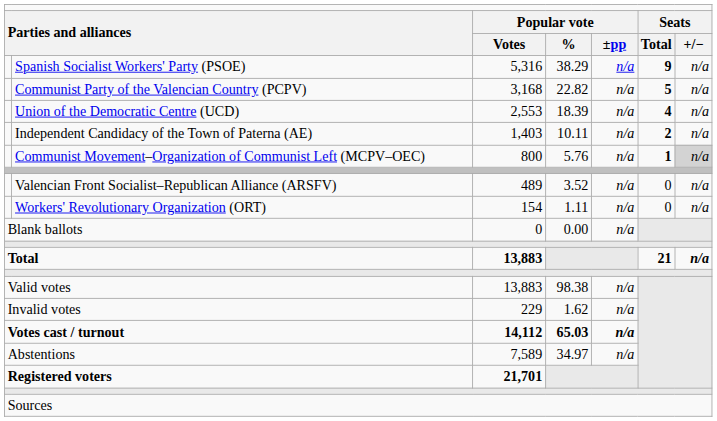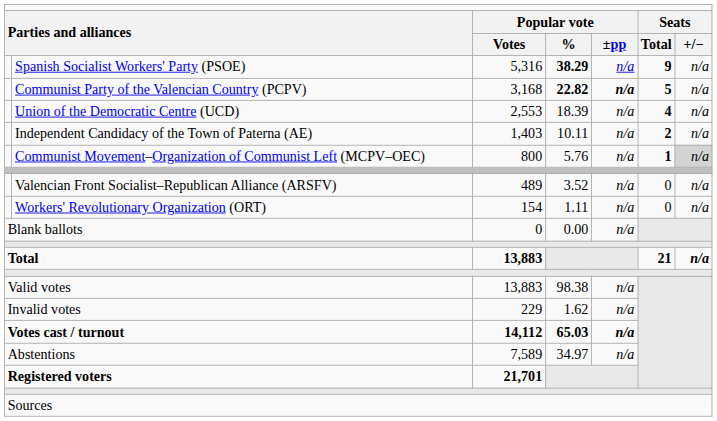 <table class="wikitable" style="text-align:right;">
 <tr>
 <td colspan="7"></td>
 </tr>
 <tr>
 <th style="text-align:left;" rowspan="2" colspan="2" width="525">Parties and alliances</th>
 <th colspan="3">Popular vote</th>
 <th colspan="2">Seats</th>
 </tr>
 <tr>
 <th width="75">Votes</th>
 <th width="45">%</th>
 <th width="45">±<a href='#'>pp</a></th>
 <th width="35">Total</th>
 <th width="35">+/−</th>
 </tr>
 <tr>
 <td width="1" style="color:inherit;background:"></td>
 <td align="left"><a href='#'>Spanish Socialist Workers' Party</a> (PSOE)</td>
 <td>5,316</td>
-<td>38.29</td>
+<td><strong>38.29</strong></td>
 <td><em><a href='#'>n/a</a></em></td>
 <td><strong>9</strong></td>
 <td><em>n/a</em></td>
 </tr>
 <tr>
 <td style="color:inherit;background:"></td>
 <td align="left"><a href='#'>Communist Party of the Valencian Country</a> (PCPV)</td>
 <td>3,168</td>
-<td>22.82</td>
-<td><em>n/a</em></td>
+<td><strong>22.82</strong></td>
+<td><strong><em>n/a</em></strong></td>
 <td><strong>5</strong></td>
 <td><em>n/a</em></td>
 </tr>
 <tr>
 <td style="color:inherit;background:"></td>
 <td align="left"><a href='#'>Union of the Democratic Centre</a> (UCD)</td>
 <td>2,553</td>
 <td>18.39</td>
 <td><em>n/a</em></td>
 <td><strong>4</strong></td>
 <td><em>n/a</em></td>
 </tr>
 <tr>
 <td style="color:inherit;background:"></td>
 <td align="left">Independent Candidacy of the Town of Paterna (AE)</td>
 <td>1,403</td>
 <td>10.11</td>
 <td><em>n/a</em></td>
 <td><strong>2</strong></td>
 <td><em>n/a</em></td>
 </tr>
 <tr>
 <td style="color:inherit;background:"></td>
 <td align="left"><a href='#'>Communist Movement</a>–<a href='#'>Organization of Communist Left</a> (MCPV–OEC)</td>
 <td>800</td>
 <td>5.76</td>
 <td><em>n/a</em></td>
 <td><strong>1</strong></td>
 <td style="background: lightgrey;"><em>n/a</em></td>
 </tr>
 <tr>
 <td colspan="7" bgcolor="#C0C0C0"></td>
 </tr>
 <tr>
 <td style="color:inherit;background:"></td>
 <td align="left">Valencian Front Socialist–Republican Alliance (ARSFV)</td>
 <td>489</td>
 <td>3.52</td>
 <td><em>n/a</em></td>
 <td>0</td>
 <td><em>n/a</em></td>
 </tr>
 <tr>
 <td style="color:inherit;background:"></td>
 <td align="left"><a href='#'>Workers' Revolutionary Organization</a> (ORT)</td>
 <td>154</td>
 <td>1.11</td>
 <td><em>n/a</em></td>
 <td>0</td>
 <td><em>n/a</em></td>
 </tr>
 <tr>
 <td align="left" colspan="2">Blank ballots</td>
 <td>0</td>
 <td>0.00</td>
 <td><em>n/a</em></td>
 <td bgcolor="#E9E9E9" colspan="2"></td>
 </tr>
 <tr>
 <td colspan="7" bgcolor="#E9E9E9"></td>
 </tr>
 <tr style="font-weight:bold;">
 <td align="left" colspan="2">Total</td>
 <td>13,883</td>
 <td bgcolor="#E9E9E9" colspan="2"></td>
 <td>21</td>
 <td><em>n/a</em></td>
 </tr>
 <tr>
 <td colspan="7" bgcolor="#E9E9E9"></td>
 </tr>
 <tr>
 <td align="left" colspan="2">Valid votes</td>
 <td>13,883</td>
 <td>98.38</td>
 <td><em>n/a</em></td>
 <td bgcolor="#E9E9E9" colspan="2" rowspan="5"></td>
 </tr>
 <tr>
 <td align="left" colspan="2">Invalid votes</td>
 <td>229</td>
 <td>1.62</td>
 <td><em>n/a</em></td>
 </tr>
 <tr style="font-weight:bold;">
 <td align="left" colspan="2">Votes cast / turnout</td>
 <td>14,112</td>
 <td>65.03</td>
 <td><em>n/a</em></td>
 </tr>
 <tr>
 <td align="left" colspan="2">Abstentions</td>
 <td>7,589</td>
 <td>34.97</td>
 <td><em>n/a</em></td>
 </tr>
 <tr style="font-weight:bold;">
 <td align="left" colspan="2">Registered voters</td>
 <td>21,701</td>
 <td bgcolor="#E9E9E9" colspan="2"></td>
 </tr>
 <tr>
 <td colspan="7" bgcolor="#E9E9E9"></td>
 </tr>
 <tr>
 <td align="left" colspan="7">Sources</td>
 </tr>
 </table>
